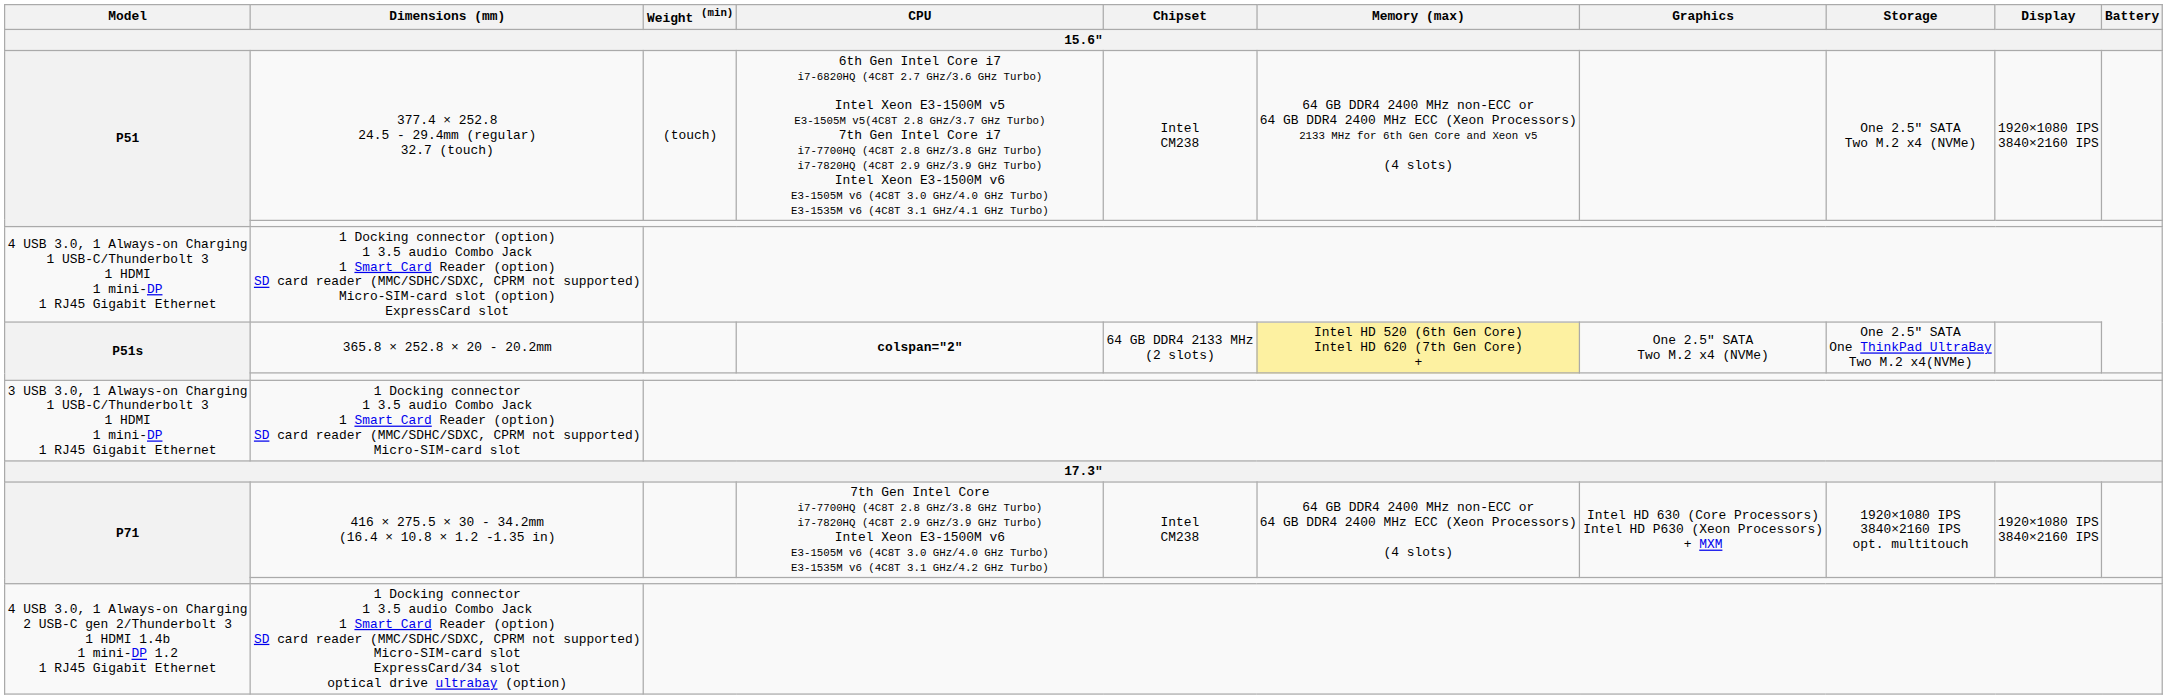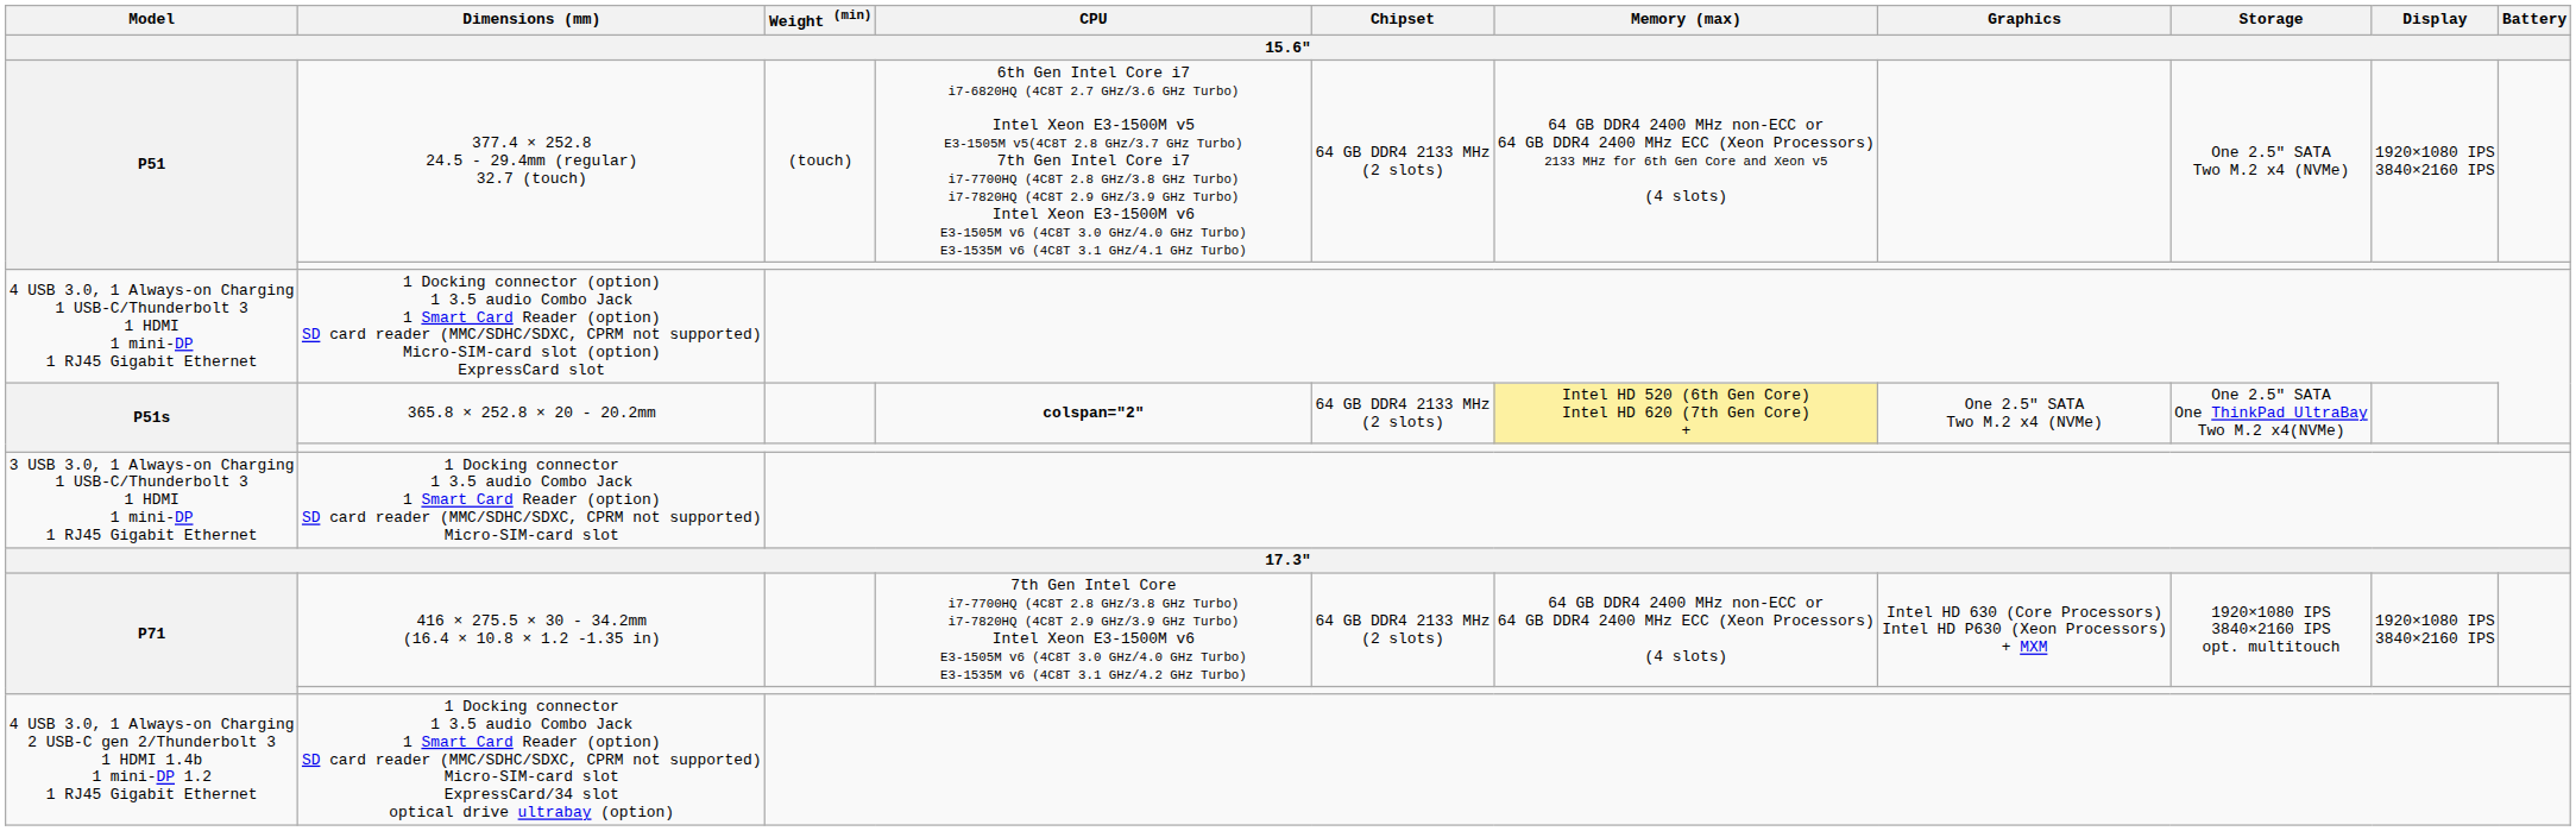 <table class="wikitable" style="font-size: 80%; text-align: center; min-width: 80%;">
 <tr>
 <th>Model</th>
 <th>Dimensions (mm)</th>
 <th>Weight <sup>(min)</sup></th>
 <th style="width:17%">CPU</th>
 <th>Chipset</th>
 <th>Memory (max)</th>
 <th>Graphics</th>
 <th>Storage</th>
 <th>Display</th>
 <th>Battery</th>
 </tr>
 <tr>
 <th colspan="10">15.6"</th>
 </tr>
 <tr>
 <th rowspan="2">P51</th>
 <td>377.4 × 252.8<br>24.5 - 29.4mm (regular) <br>32.7 (touch)</td>
 <td>(touch)</td>
 <td style="background:">6th Gen Intel Core i7 <br><small> i7-6820HQ (4C8T 2.7 GHz/3.6 GHz Turbo)</small><br><br>Intel Xeon E3-1500M v5 <br><small> E3-1505M v5(4C8T 2.8 GHz/3.7 GHz Turbo)</small><br> 7th Gen Intel Core i7 <br><small> i7-7700HQ (4C8T 2.8 GHz/3.8 GHz Turbo) <br> i7-7820HQ (4C8T 2.9 GHz/3.9 GHz Turbo)</small><br> Intel Xeon E3-1500M v6 <br><small> E3-1505M v6 (4C8T 3.0 GHz/4.0 GHz Turbo) <br> E3-1535M v6 (4C8T 3.1 GHz/4.1 GHz Turbo)</small></td>
-<td>Intel<br>CM238</td>
+<td style="background:">64 GB DDR4 2133 MHz<br> (2 slots)</td>
 <td style="background:">64 GB DDR4 2400 MHz non-ECC or<br>64 GB DDR4 2400 MHz ECC (Xeon Processors)<br><small> 2133 MHz for 6th Gen Core and Xeon v5</small><br><br>(4 slots)</td>
 <td></td>
 <td style="background:">One 2.5" SATA<br> Two M.2 x4 (NVMe)</td>
 <td style="background:">1920×1080 IPS<br>3840×2160 IPS<br></td>
 <td></td>
 </tr>
 <tr>
 <td colspan="9"></td>
 </tr>
 <tr>
 <td>4 USB 3.0, 1 Always-on Charging<br> 1 USB-C/Thunderbolt 3<br>1 HDMI<br> 1 mini-<a href='#'>DP</a><br> 1 RJ45 Gigabit Ethernet</td>
 <td>1 Docking connector (option)<br> 1 3.5 audio Combo Jack<br> 1 <a href='#'>Smart Card</a> Reader (option)<br> <a href='#'>SD</a> card reader (MMC/SDHC/SDXC, CPRM not supported)<br> Micro-SIM-card slot (option)<br> ExpressCard slot<br>	</td>
 </tr>
 <tr>
 <th rowspan="2">P51s</th>
 <td>365.8 × 252.8 × 20 - 20.2mm</td>
 <td></td>
 <td><strong>colspan="2" </strong></td>
 <td style="background:">64 GB DDR4 2133 MHz<br> (2 slots)</td>
 <td style="background:#fdf1a1;">Intel HD 520 (6th Gen Core)<br> Intel HD 620 (7th Gen Core) <br>+ </td>
 <td style="background:">One 2.5" SATA <br>Two M.2 x4 (NVMe)</td>
 <td style="background:">One 2.5" SATA<br> One <a href='#'>ThinkPad UltraBay</a><br> Two M.2 x4(NVMe)</td>
 <td></td>
 </tr>
 <tr>
 <td colspan="9"></td>
 </tr>
 <tr>
 <td>3 USB 3.0, 1 Always-on Charging<br> 1 USB-C/Thunderbolt 3<br> 1 HDMI<br> 1 mini-<a href='#'>DP</a><br> 1 RJ45 Gigabit Ethernet<br></td>
 <td>1 Docking connector<br> 1 3.5 audio Combo Jack<br> 1 <a href='#'>Smart Card</a> Reader (option)<br> <a href='#'>SD</a> card reader (MMC/SDHC/SDXC, CPRM not supported)<br> Micro-SIM-card slot<br>	</td>
 </tr>
 <tr>
 <th colspan="10">17.3"</th>
 </tr>
 <tr>
 <th rowspan="2">P71</th>
 <td>416 × 275.5 × 30 - 34.2mm<br> (16.4 × 10.8 × 1.2 -1.35 in)</td>
 <td></td>
 <td style="background:">7th Gen Intel Core <br><small> i7-7700HQ (4C8T 2.8 GHz/3.8 GHz Turbo) <br> i7-7820HQ (4C8T 2.9 GHz/3.9 GHz Turbo)</small><br>Intel Xeon E3-1500M v6 <br><small> E3-1505M v6 (4C8T 3.0 GHz/4.0 GHz Turbo) <br>E3-1535M v6 (4C8T 3.1 GHz/4.2 GHz Turbo)</small></td>
-<td>Intel<br>CM238</td>
+<td style="background:">64 GB DDR4 2133 MHz<br> (2 slots)</td>
 <td style="background:">64 GB DDR4 2400 MHz non-ECC or<br>64 GB DDR4 2400 MHz ECC (Xeon Processors)<br><br>(4 slots)</td>
 <td style="background:">Intel HD 630 (Core Processors) <br> Intel HD P630 (Xeon Processors)<br> + <a href='#'>MXM</a><br></td>
 <td style="background:">1920×1080 IPS<br> 3840×2160 IPS<br> opt. multitouch</td>
 <td style="background:">1920×1080 IPS<br> 3840×2160 IPS<br></td>
 <td></td>
 </tr>
 <tr>
 <td colspan="9"></td>
 </tr>
 <tr>
 <td>4 USB 3.0, 1 Always-on Charging<br> 2 USB-C gen 2/Thunderbolt 3<br> 1 HDMI 1.4b<br> 1 mini-<a href='#'>DP</a> 1.2<br> 1 RJ45 Gigabit Ethernet<br></td>
 <td>1 Docking connector<br> 1 3.5 audio Combo Jack<br> 1 <a href='#'>Smart Card</a> Reader (option)<br> <a href='#'>SD</a> card reader (MMC/SDHC/SDXC, CPRM not supported)<br> Micro-SIM-card slot<br> ExpressCard/34 slot<br> optical drive <a href='#'>ultrabay</a> (option)<br>	</td>
 </tr>
 </table>
